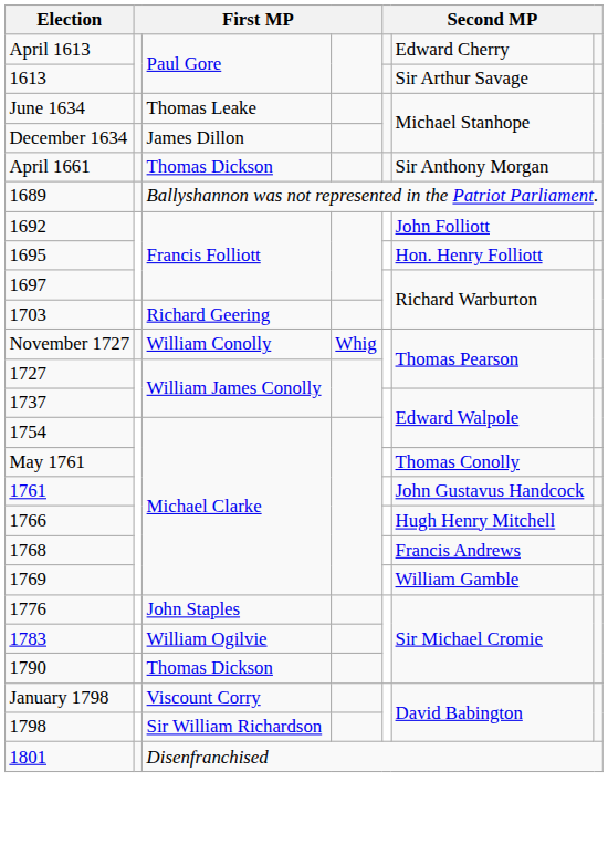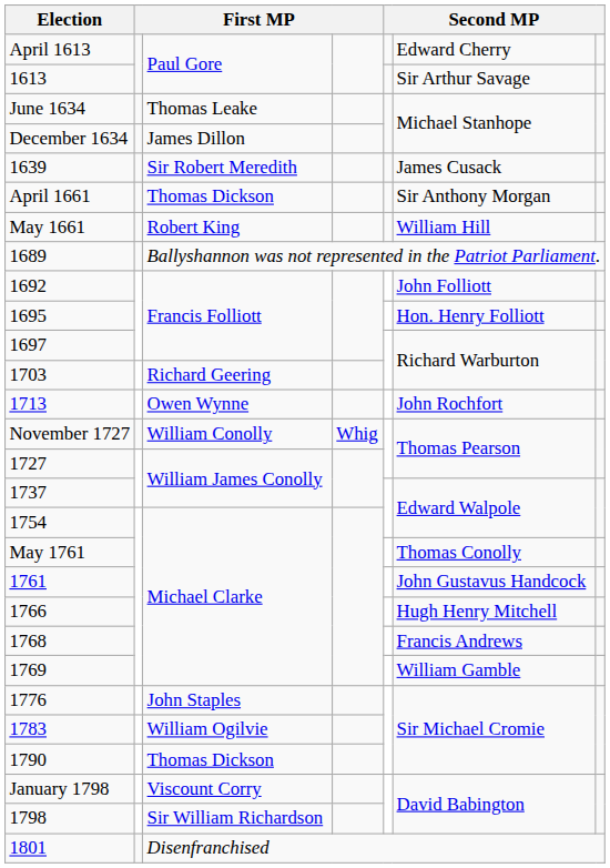 <table class="wikitable">
 <tr>
 <th>Election</th>
 <th colspan=3>First MP</th>
 <th colspan=3>Second MP</th>
 </tr>
 <tr>
 <td>April 1613</td>
 <td rowspan=2></td>
 <td rowspan=2><a href='#'>Paul Gore</a></td>
 <td rowspan=2></td>
 <td></td>
 <td>Edward Cherry</td>
 <td></td>
 </tr>
 <tr>
 <td>1613</td>
 <td></td>
 <td>Sir Arthur Savage</td>
 <td></td>
 </tr>
 <tr>
 <td>June 1634</td>
 <td></td>
 <td>Thomas Leake</td>
 <td></td>
 <td rowspan=2></td>
 <td rowspan=2>Michael Stanhope</td>
 <td rowspan=2></td>
 </tr>
 <tr>
 <td>December 1634</td>
 <td></td>
 <td>James Dillon</td>
 <td></td>
 </tr>
 <tr>
+<td>1639</td>
+<td></td>
+<td><a href='#'>Sir Robert Meredith</a></td>
+<td></td>
+<td></td>
+<td>James Cusack</td>
+<td></td>
+</tr>
+<tr>
 <td>April 1661</td>
 <td></td>
 <td><a href='#'>Thomas Dickson</a></td>
 <td></td>
 <td></td>
 <td>Sir Anthony Morgan</td>
+<td></td>
+</tr>
+<tr>
+<td>May 1661</td>
+<td></td>
+<td><a href='#'>Robert King</a></td>
+<td></td>
+<td></td>
+<td><a href='#'>William Hill</a></td>
 <td></td>
 </tr>
 <tr>
 <td>1689</td>
 <td></td>
 <td colspan="5"><em>Ballyshannon was not represented in the <a href='#'>Patriot Parliament</a></em>.</td>
 </tr>
 <tr>
 <td>1692</td>
 <td rowspan="3" style="background-color: white"></td>
 <td rowspan="3"><a href='#'>Francis Folliott</a></td>
 <td rowspan="3"></td>
 <td style="background-color: white"></td>
 <td><a href='#'>John Folliott</a></td>
 <td></td>
 </tr>
 <tr>
 <td>1695</td>
 <td style="background-color: white"></td>
 <td><a href='#'>Hon. Henry Folliott</a></td>
 <td></td>
 </tr>
 <tr>
 <td>1697</td>
 <td rowspan="2" style="background-color: white"></td>
 <td rowspan="2">Richard Warburton</td>
 <td rowspan="2"></td>
 </tr>
 <tr>
 <td>1703</td>
 <td style="background-color: white"></td>
 <td><a href='#'>Richard Geering</a></td>
+<td></td>
+</tr>
+<tr>
+<td><a href='#'>1713</a></td>
+<td style="background-color: white"></td>
+<td><a href='#'>Owen Wynne</a></td>
+<td></td>
+<td style="background-color: white"></td>
+<td><a href='#'>John Rochfort</a></td>
 <td></td>
 </tr>
 <tr>
 <td>November 1727</td>
 <td style="background-color: "></td>
 <td><a href='#'>William Conolly</a></td>
 <td><a href='#'>Whig</a></td>
 <td rowspan="2" style="background-color: white"></td>
 <td rowspan="2"><a href='#'>Thomas Pearson</a></td>
 <td rowspan="2"></td>
 </tr>
 <tr>
 <td>1727</td>
 <td rowspan="2" style="background-color: white"></td>
 <td rowspan="2"><a href='#'>William James Conolly</a></td>
 <td rowspan="2"></td>
 </tr>
 <tr>
 <td>1737</td>
 <td rowspan="2" style="background-color: white"></td>
 <td rowspan="2"><a href='#'>Edward Walpole</a></td>
 <td rowspan="2"></td>
 </tr>
 <tr>
 <td>1754</td>
 <td rowspan="6" style="background-color: white"></td>
 <td rowspan="6"><a href='#'>Michael Clarke</a></td>
 <td rowspan="6"></td>
 </tr>
 <tr>
 <td>May 1761</td>
 <td style="background-color: white"></td>
 <td><a href='#'>Thomas Conolly</a></td>
 <td></td>
 </tr>
 <tr>
 <td><a href='#'>1761</a></td>
 <td style="background-color: white"></td>
 <td><a href='#'>John Gustavus Handcock</a></td>
 <td></td>
 </tr>
 <tr>
 <td>1766</td>
 <td style="background-color: white"></td>
 <td><a href='#'>Hugh Henry Mitchell</a></td>
 <td></td>
 </tr>
 <tr>
 <td>1768</td>
 <td style="background-color: white"></td>
 <td><a href='#'>Francis Andrews</a></td>
 <td></td>
 </tr>
 <tr>
 <td>1769</td>
 <td style="background-color: white"></td>
 <td><a href='#'>William Gamble</a></td>
 <td></td>
 </tr>
 <tr>
 <td>1776</td>
 <td style="background-color: white"></td>
 <td><a href='#'>John Staples</a></td>
 <td></td>
 <td rowspan="3" style="background-color: white"></td>
 <td rowspan="3"><a href='#'>Sir Michael Cromie</a></td>
 <td rowspan="3"></td>
 </tr>
 <tr>
 <td><a href='#'>1783</a></td>
 <td style="background-color: white"></td>
 <td><a href='#'>William Ogilvie</a></td>
 <td></td>
 </tr>
 <tr>
 <td>1790</td>
 <td style="background-color: white"></td>
 <td><a href='#'>Thomas Dickson</a></td>
 <td></td>
 </tr>
 <tr>
 <td>January 1798</td>
 <td style="background-color: white"></td>
 <td><a href='#'>Viscount Corry</a></td>
 <td></td>
 <td rowspan="2" style="background-color: white"></td>
 <td rowspan="2"><a href='#'>David Babington</a></td>
 <td rowspan="2"></td>
 </tr>
 <tr>
 <td>1798</td>
 <td style="background-color: white"></td>
 <td><a href='#'>Sir William Richardson</a></td>
 <td></td>
 </tr>
 <tr>
 <td><a href='#'>1801</a></td>
 <td></td>
 <td colspan="5"><em>Disenfranchised</em></td>
 </tr>
 </table>
